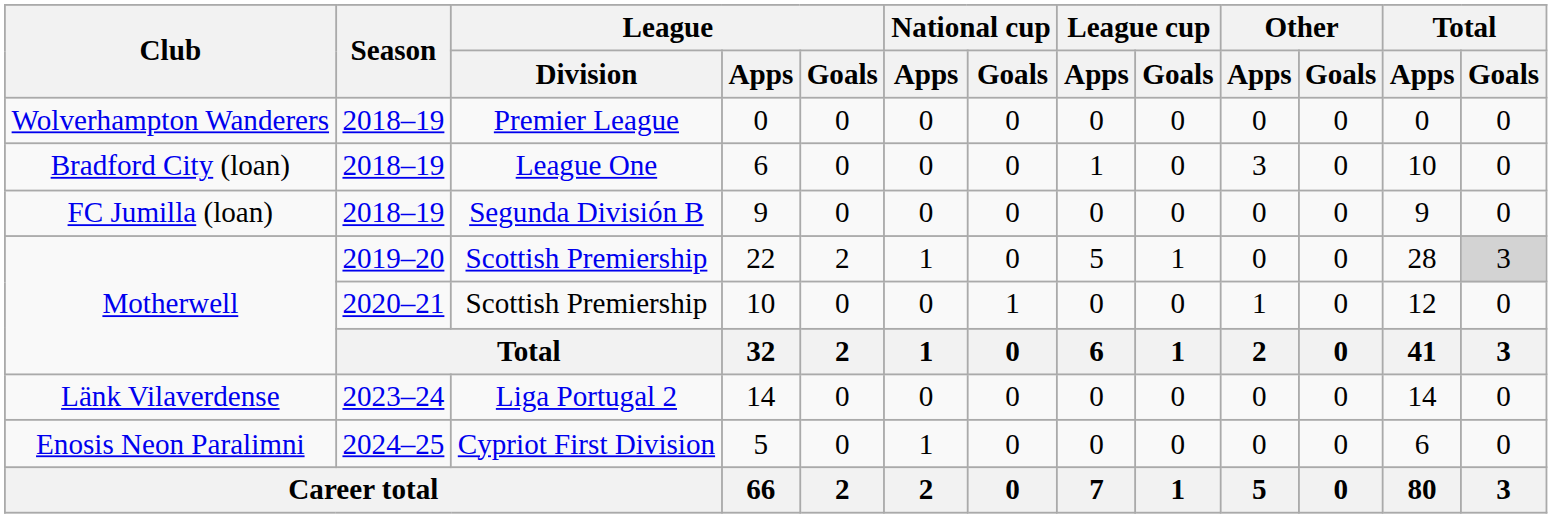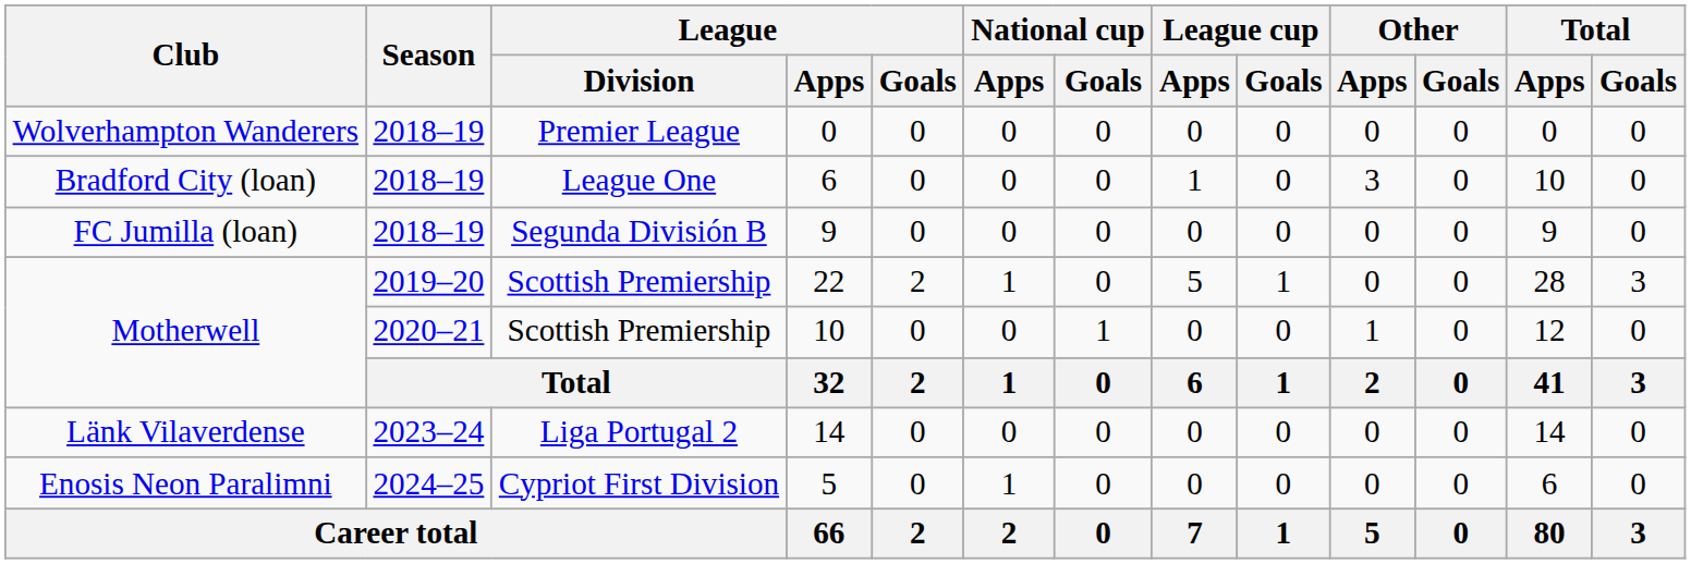 <table class=wikitable style="text-align: center">
 <tr>
 <th rowspan=2>Club</th>
 <th rowspan=2>Season</th>
 <th colspan=3>League</th>
 <th colspan=2>National cup</th>
 <th colspan=2>League cup</th>
 <th colspan=2>Other</th>
 <th colspan=2>Total</th>
 </tr>
 <tr>
 <th>Division</th>
 <th>Apps</th>
 <th>Goals</th>
 <th>Apps</th>
 <th>Goals</th>
 <th>Apps</th>
 <th>Goals</th>
 <th>Apps</th>
 <th>Goals</th>
 <th>Apps</th>
 <th>Goals</th>
 </tr>
 <tr>
 <td><a href='#'>Wolverhampton Wanderers</a></td>
 <td><a href='#'>2018–19</a></td>
 <td><a href='#'>Premier League</a></td>
 <td>0</td>
 <td>0</td>
 <td>0</td>
 <td>0</td>
 <td>0</td>
 <td>0</td>
 <td>0</td>
 <td>0</td>
 <td>0</td>
 <td>0</td>
 </tr>
 <tr>
 <td><a href='#'>Bradford City</a> (loan)</td>
 <td><a href='#'>2018–19</a></td>
 <td><a href='#'>League One</a></td>
 <td>6</td>
 <td>0</td>
 <td>0</td>
 <td>0</td>
 <td>1</td>
 <td>0</td>
 <td>3</td>
 <td>0</td>
 <td>10</td>
 <td>0</td>
 </tr>
 <tr>
 <td><a href='#'>FC Jumilla</a> (loan)</td>
 <td><a href='#'>2018–19</a></td>
 <td><a href='#'>Segunda División B</a></td>
 <td>9</td>
 <td>0</td>
 <td>0</td>
 <td>0</td>
 <td>0</td>
 <td>0</td>
 <td>0</td>
 <td>0</td>
 <td>9</td>
 <td>0</td>
 </tr>
 <tr>
 <td rowspan=3><a href='#'>Motherwell</a></td>
 <td><a href='#'>2019–20</a></td>
 <td><a href='#'>Scottish Premiership</a></td>
 <td>22</td>
 <td>2</td>
 <td>1</td>
 <td>0</td>
 <td>5</td>
 <td>1</td>
 <td>0</td>
 <td>0</td>
 <td>28</td>
-<td style="background: lightgrey;">3</td>
+<td>3</td>
 </tr>
 <tr>
 <td><a href='#'>2020–21</a></td>
 <td>Scottish Premiership</td>
 <td>10</td>
 <td>0</td>
 <td>0</td>
 <td>1</td>
 <td>0</td>
 <td>0</td>
 <td>1</td>
 <td>0</td>
 <td>12</td>
 <td>0</td>
 </tr>
 <tr>
 <th colspan=2>Total</th>
 <th>32</th>
 <th>2</th>
 <th>1</th>
 <th>0</th>
 <th>6</th>
 <th>1</th>
 <th>2</th>
 <th>0</th>
 <th>41</th>
 <th>3</th>
 </tr>
 <tr>
 <td><a href='#'>Länk Vilaverdense</a></td>
 <td><a href='#'>2023–24</a></td>
 <td><a href='#'>Liga Portugal 2</a></td>
 <td>14</td>
 <td>0</td>
 <td>0</td>
 <td>0</td>
 <td>0</td>
 <td>0</td>
 <td>0</td>
 <td>0</td>
 <td>14</td>
 <td>0</td>
 </tr>
 <tr>
 <td><a href='#'>Enosis Neon Paralimni</a></td>
 <td><a href='#'>2024–25</a></td>
 <td><a href='#'>Cypriot First Division</a></td>
 <td>5</td>
 <td>0</td>
 <td>1</td>
 <td>0</td>
 <td>0</td>
 <td>0</td>
 <td>0</td>
 <td>0</td>
 <td>6</td>
 <td>0</td>
 </tr>
 <tr>
 <th colspan=3>Career total</th>
 <th>66</th>
 <th>2</th>
 <th>2</th>
 <th>0</th>
 <th>7</th>
 <th>1</th>
 <th>5</th>
 <th>0</th>
 <th>80</th>
 <th>3</th>
 </tr>
 </table>
